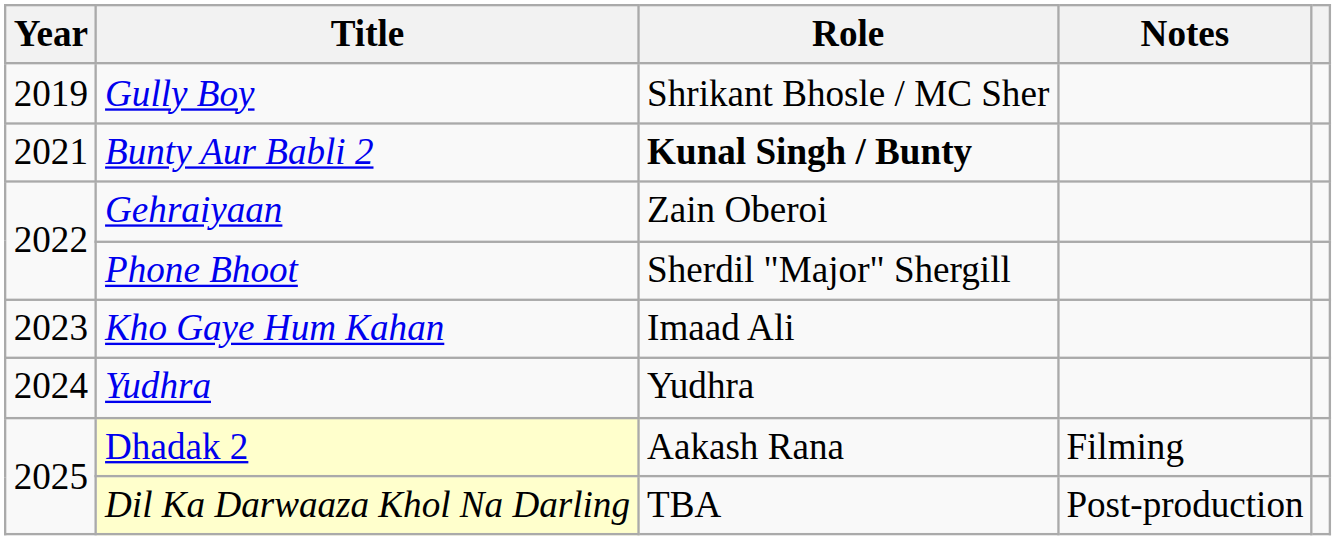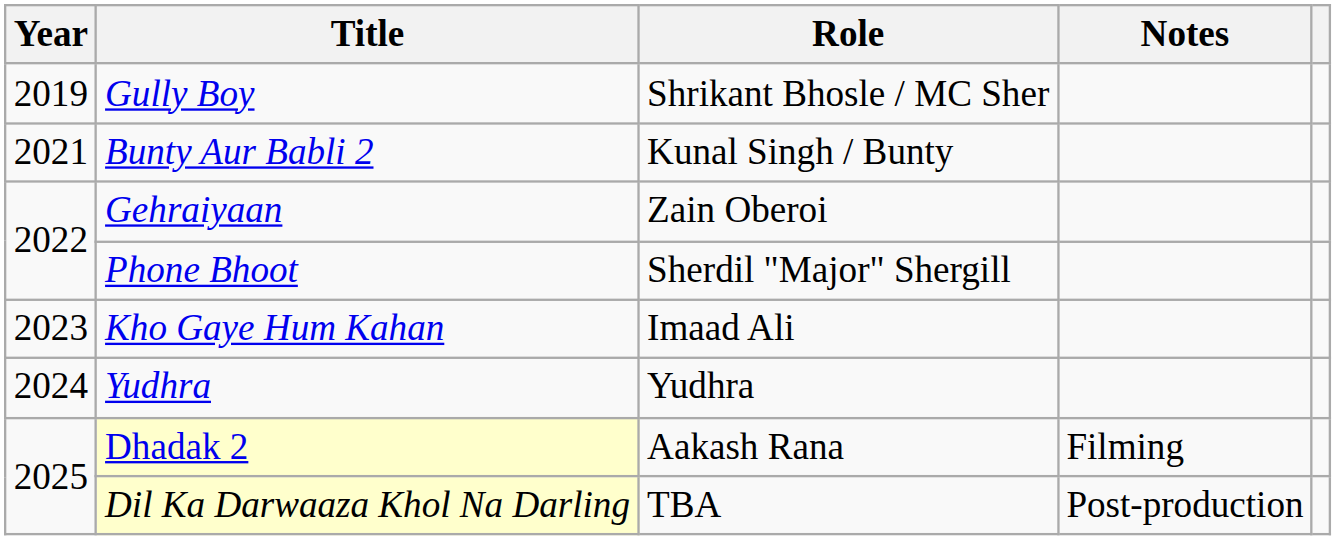 <table class="wikitable sortable plainrowheaders">
 <tr style="text-align:center;">
 <th scope="col">Year</th>
 <th scope="col">Title</th>
 <th scope="col">Role</th>
 <th scope="col">Notes</th>
 <th></th>
 </tr>
 <tr>
 <td>2019</td>
 <td><em><a href='#'>Gully Boy</a></em></td>
 <td>Shrikant Bhosle / MC Sher</td>
 <td></td>
 <td></td>
 </tr>
 <tr>
 <td>2021</td>
 <td><em><a href='#'>Bunty Aur Babli 2</a></em></td>
-<td><strong>Kunal Singh / Bunty</strong></td>
+<td>Kunal Singh / Bunty</td>
 <td></td>
 <td></td>
 </tr>
 <tr>
 <td rowspan=2>2022</td>
 <td><em><a href='#'>Gehraiyaan</a></em></td>
 <td>Zain Oberoi</td>
 <td></td>
 </tr>
 <tr>
 <td align="left"><em><a href='#'>Phone Bhoot</a></em></td>
 <td>Sherdil "Major" Shergill</td>
 <td></td>
 <td></td>
 </tr>
 <tr>
 <td>2023</td>
 <td align="left"><em><a href='#'>Kho Gaye Hum Kahan</a></em></td>
 <td>Imaad Ali</td>
 <td></td>
 <td></td>
 </tr>
 <tr>
 <td>2024</td>
 <td align="left"><em><a href='#'>Yudhra</a></em></td>
 <td>Yudhra</td>
 <td></td>
 <td></td>
 </tr>
 <tr>
 <td rowspan="2">2025</td>
 <td align="left" style="background:#FFFFCC;"><a href='#'>Dhadak 2</a> </td>
 <td>Aakash Rana</td>
 <td>Filming</td>
 <td></td>
 </tr>
 <tr>
 <td align="left" style="background:#FFFFCC;"><em>Dil Ka Darwaaza Khol Na Darling</em> </td>
 <td>TBA</td>
 <td>Post-production</td>
 <td><br></td>
 </tr>
 </table>
